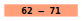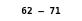 <table style="text-align:center">
 <tr>
 <th width=200></th>
 <th width=100></th>
 <th width=200></th>
 </tr>
 <tr>
 <td align=right></td>
-<td style="background: lightsalmon;"><strong>62 – 71</strong></td>
+<td><strong>62 – 71</strong></td>
 <td align=left><strong></strong></td>
 </tr>
 </table>
